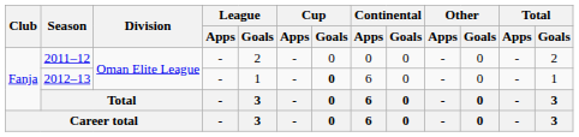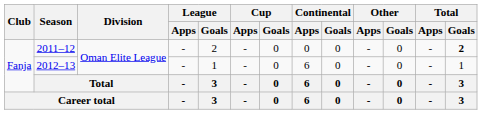 <table class="wikitable" style="text-align: center;">
 <tr>
 <th rowspan="2">Club</th>
 <th rowspan="2">Season</th>
 <th rowspan="2">Division</th>
 <th colspan="2">League</th>
 <th colspan="2">Cup</th>
 <th colspan="2">Continental</th>
 <th colspan="2">Other</th>
 <th colspan="2">Total</th>
 </tr>
 <tr>
 <th>Apps</th>
 <th>Goals</th>
 <th>Apps</th>
 <th>Goals</th>
 <th>Apps</th>
 <th>Goals</th>
 <th>Apps</th>
 <th>Goals</th>
 <th>Apps</th>
 <th>Goals</th>
 </tr>
 <tr>
 <td rowspan="3"><a href='#'>Fanja</a></td>
 <td><a href='#'>2011–12</a></td>
 <td rowspan="2"><a href='#'>Oman Elite League</a></td>
 <td>-</td>
 <td>2</td>
 <td>-</td>
 <td>0</td>
 <td>0</td>
 <td>0</td>
 <td>-</td>
 <td>0</td>
 <td>-</td>
-<td>2</td>
+<td><strong>2</strong></td>
 </tr>
 <tr>
 <td><a href='#'>2012–13</a></td>
 <td>-</td>
 <td>1</td>
 <td>-</td>
-<td><strong>0</strong></td>
+<td>0</td>
 <td>6</td>
 <td>0</td>
 <td>-</td>
 <td>0</td>
 <td>-</td>
 <td>1</td>
 </tr>
 <tr>
 <th colspan="2">Total</th>
 <th>-</th>
 <th>3</th>
 <th>-</th>
 <th>0</th>
 <th>6</th>
 <th>0</th>
 <th>-</th>
 <th>0</th>
 <th>-</th>
 <th>3</th>
 </tr>
 <tr>
 <th colspan="3">Career total</th>
 <th>-</th>
 <th>3</th>
 <th>-</th>
 <th>0</th>
 <th>6</th>
 <th>0</th>
 <th>-</th>
 <th>0</th>
 <th>-</th>
 <th>3</th>
 </tr>
 </table>
